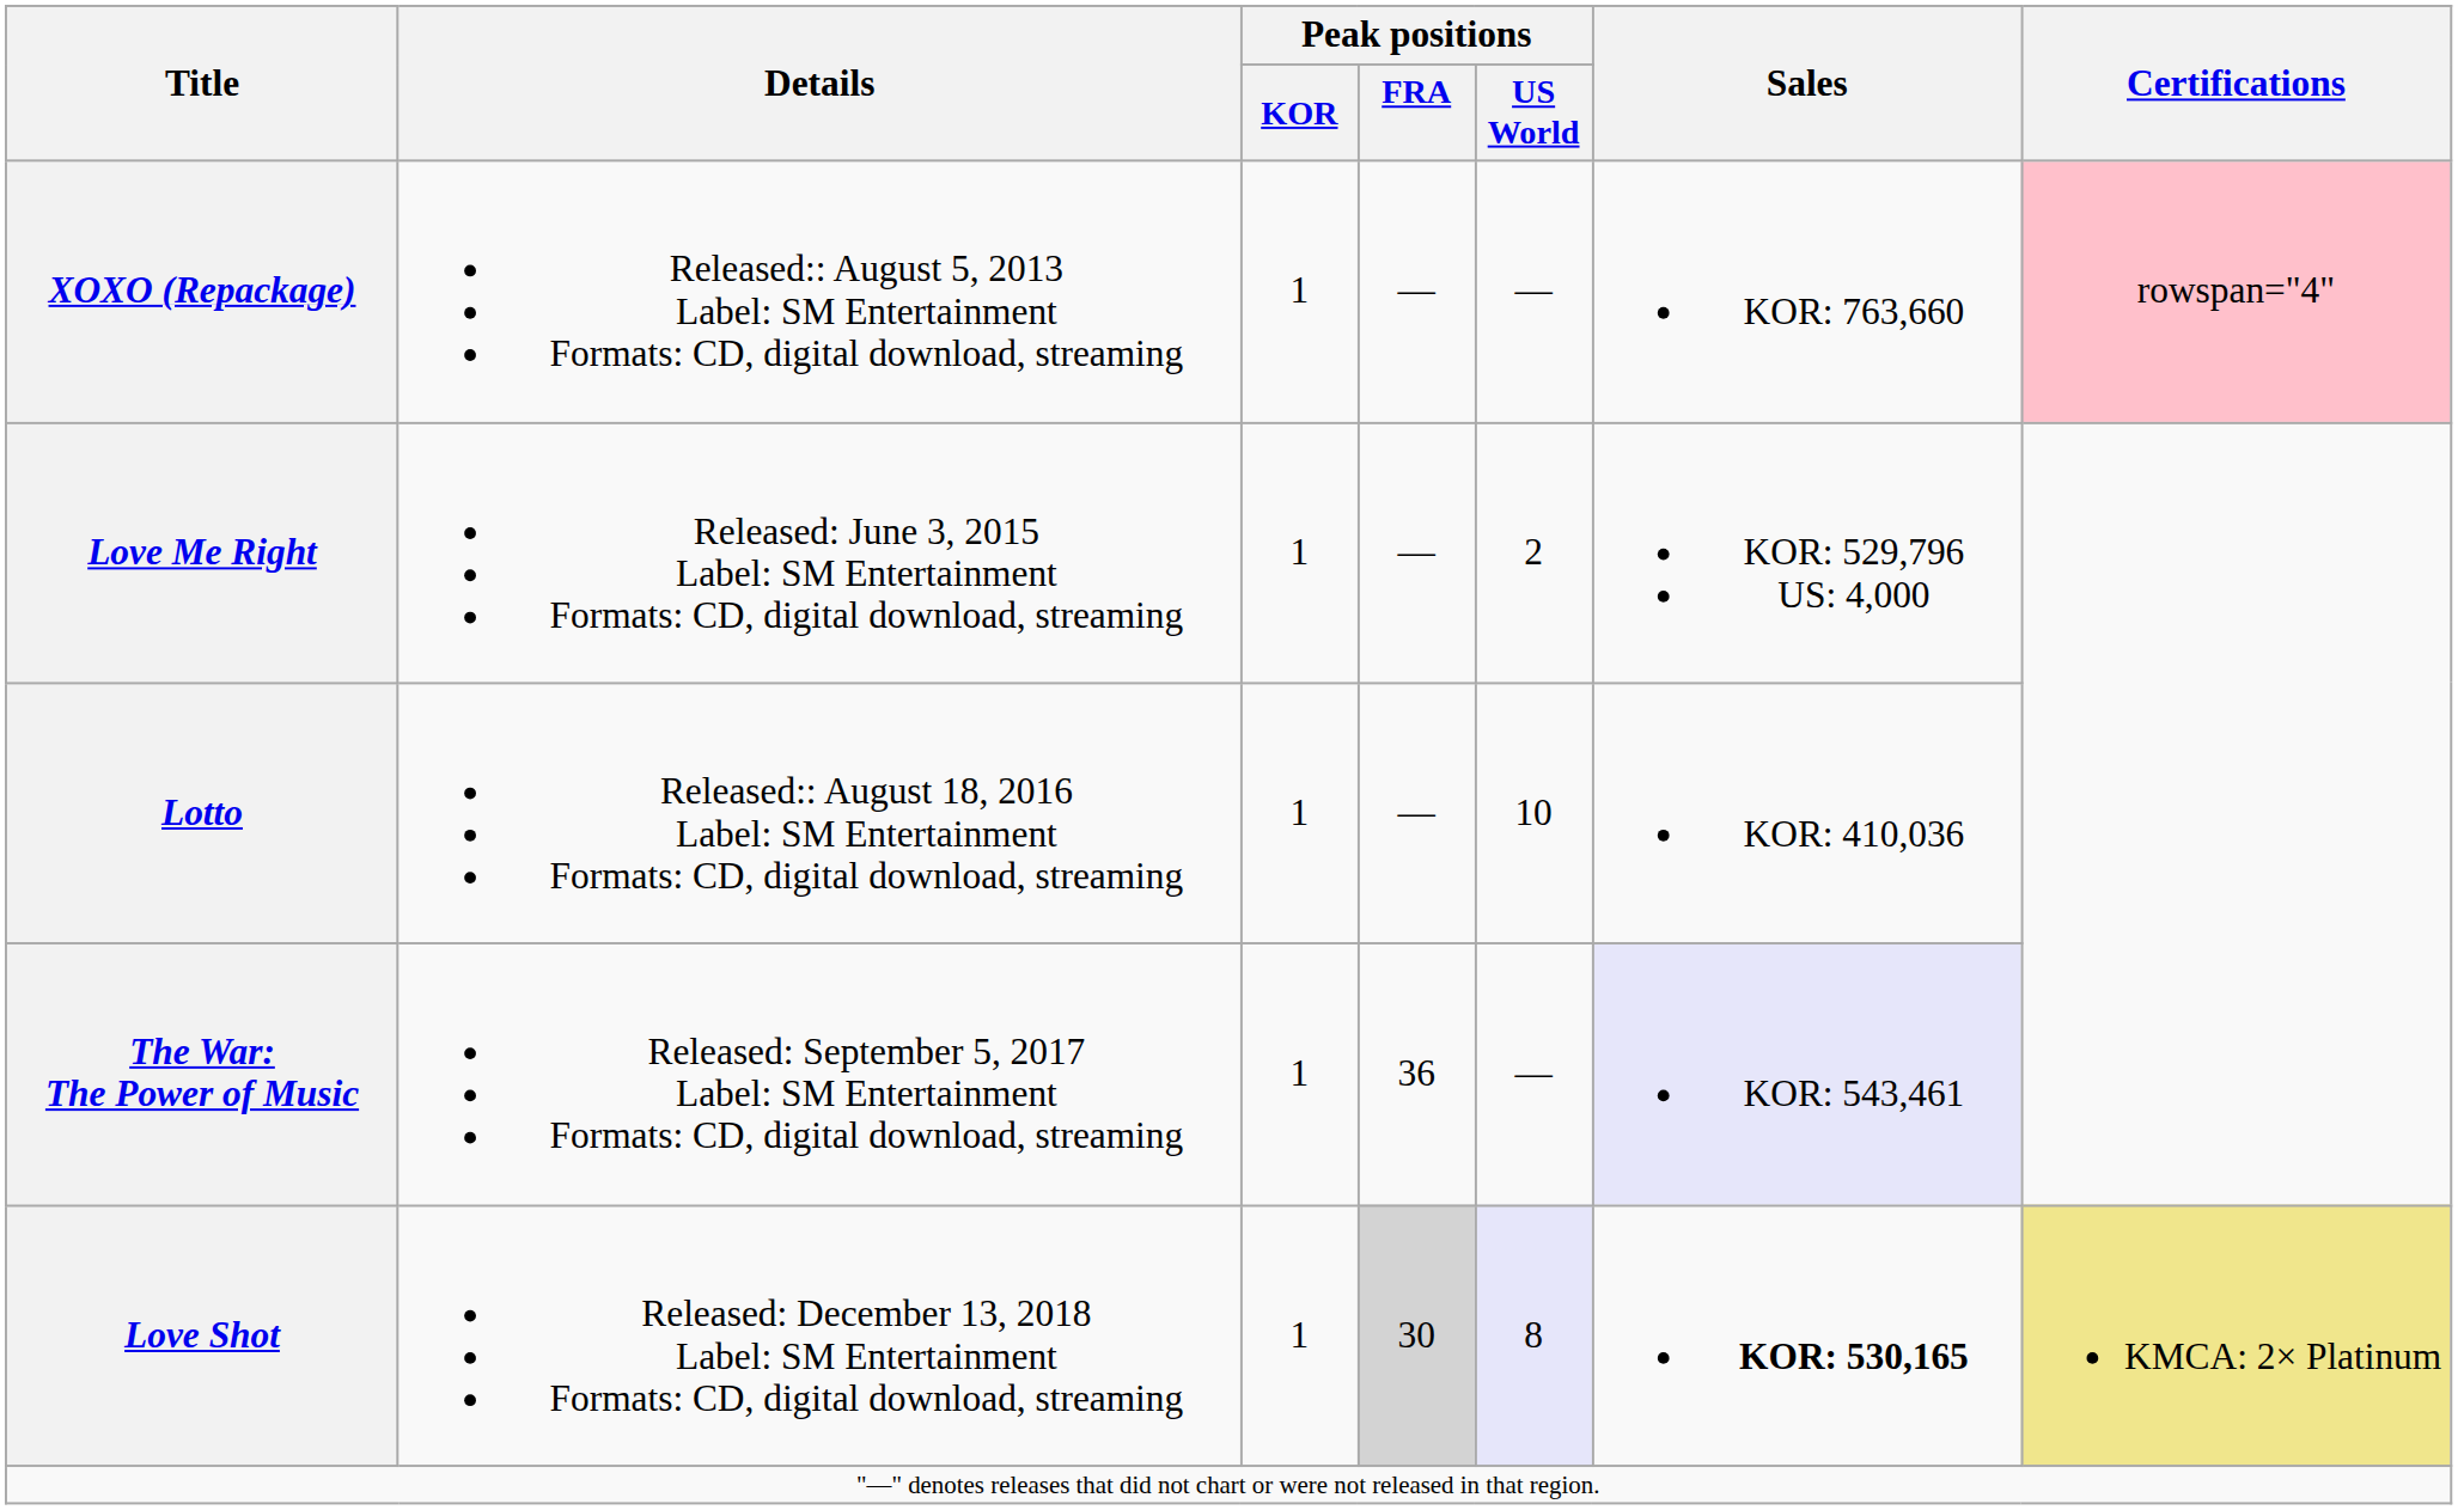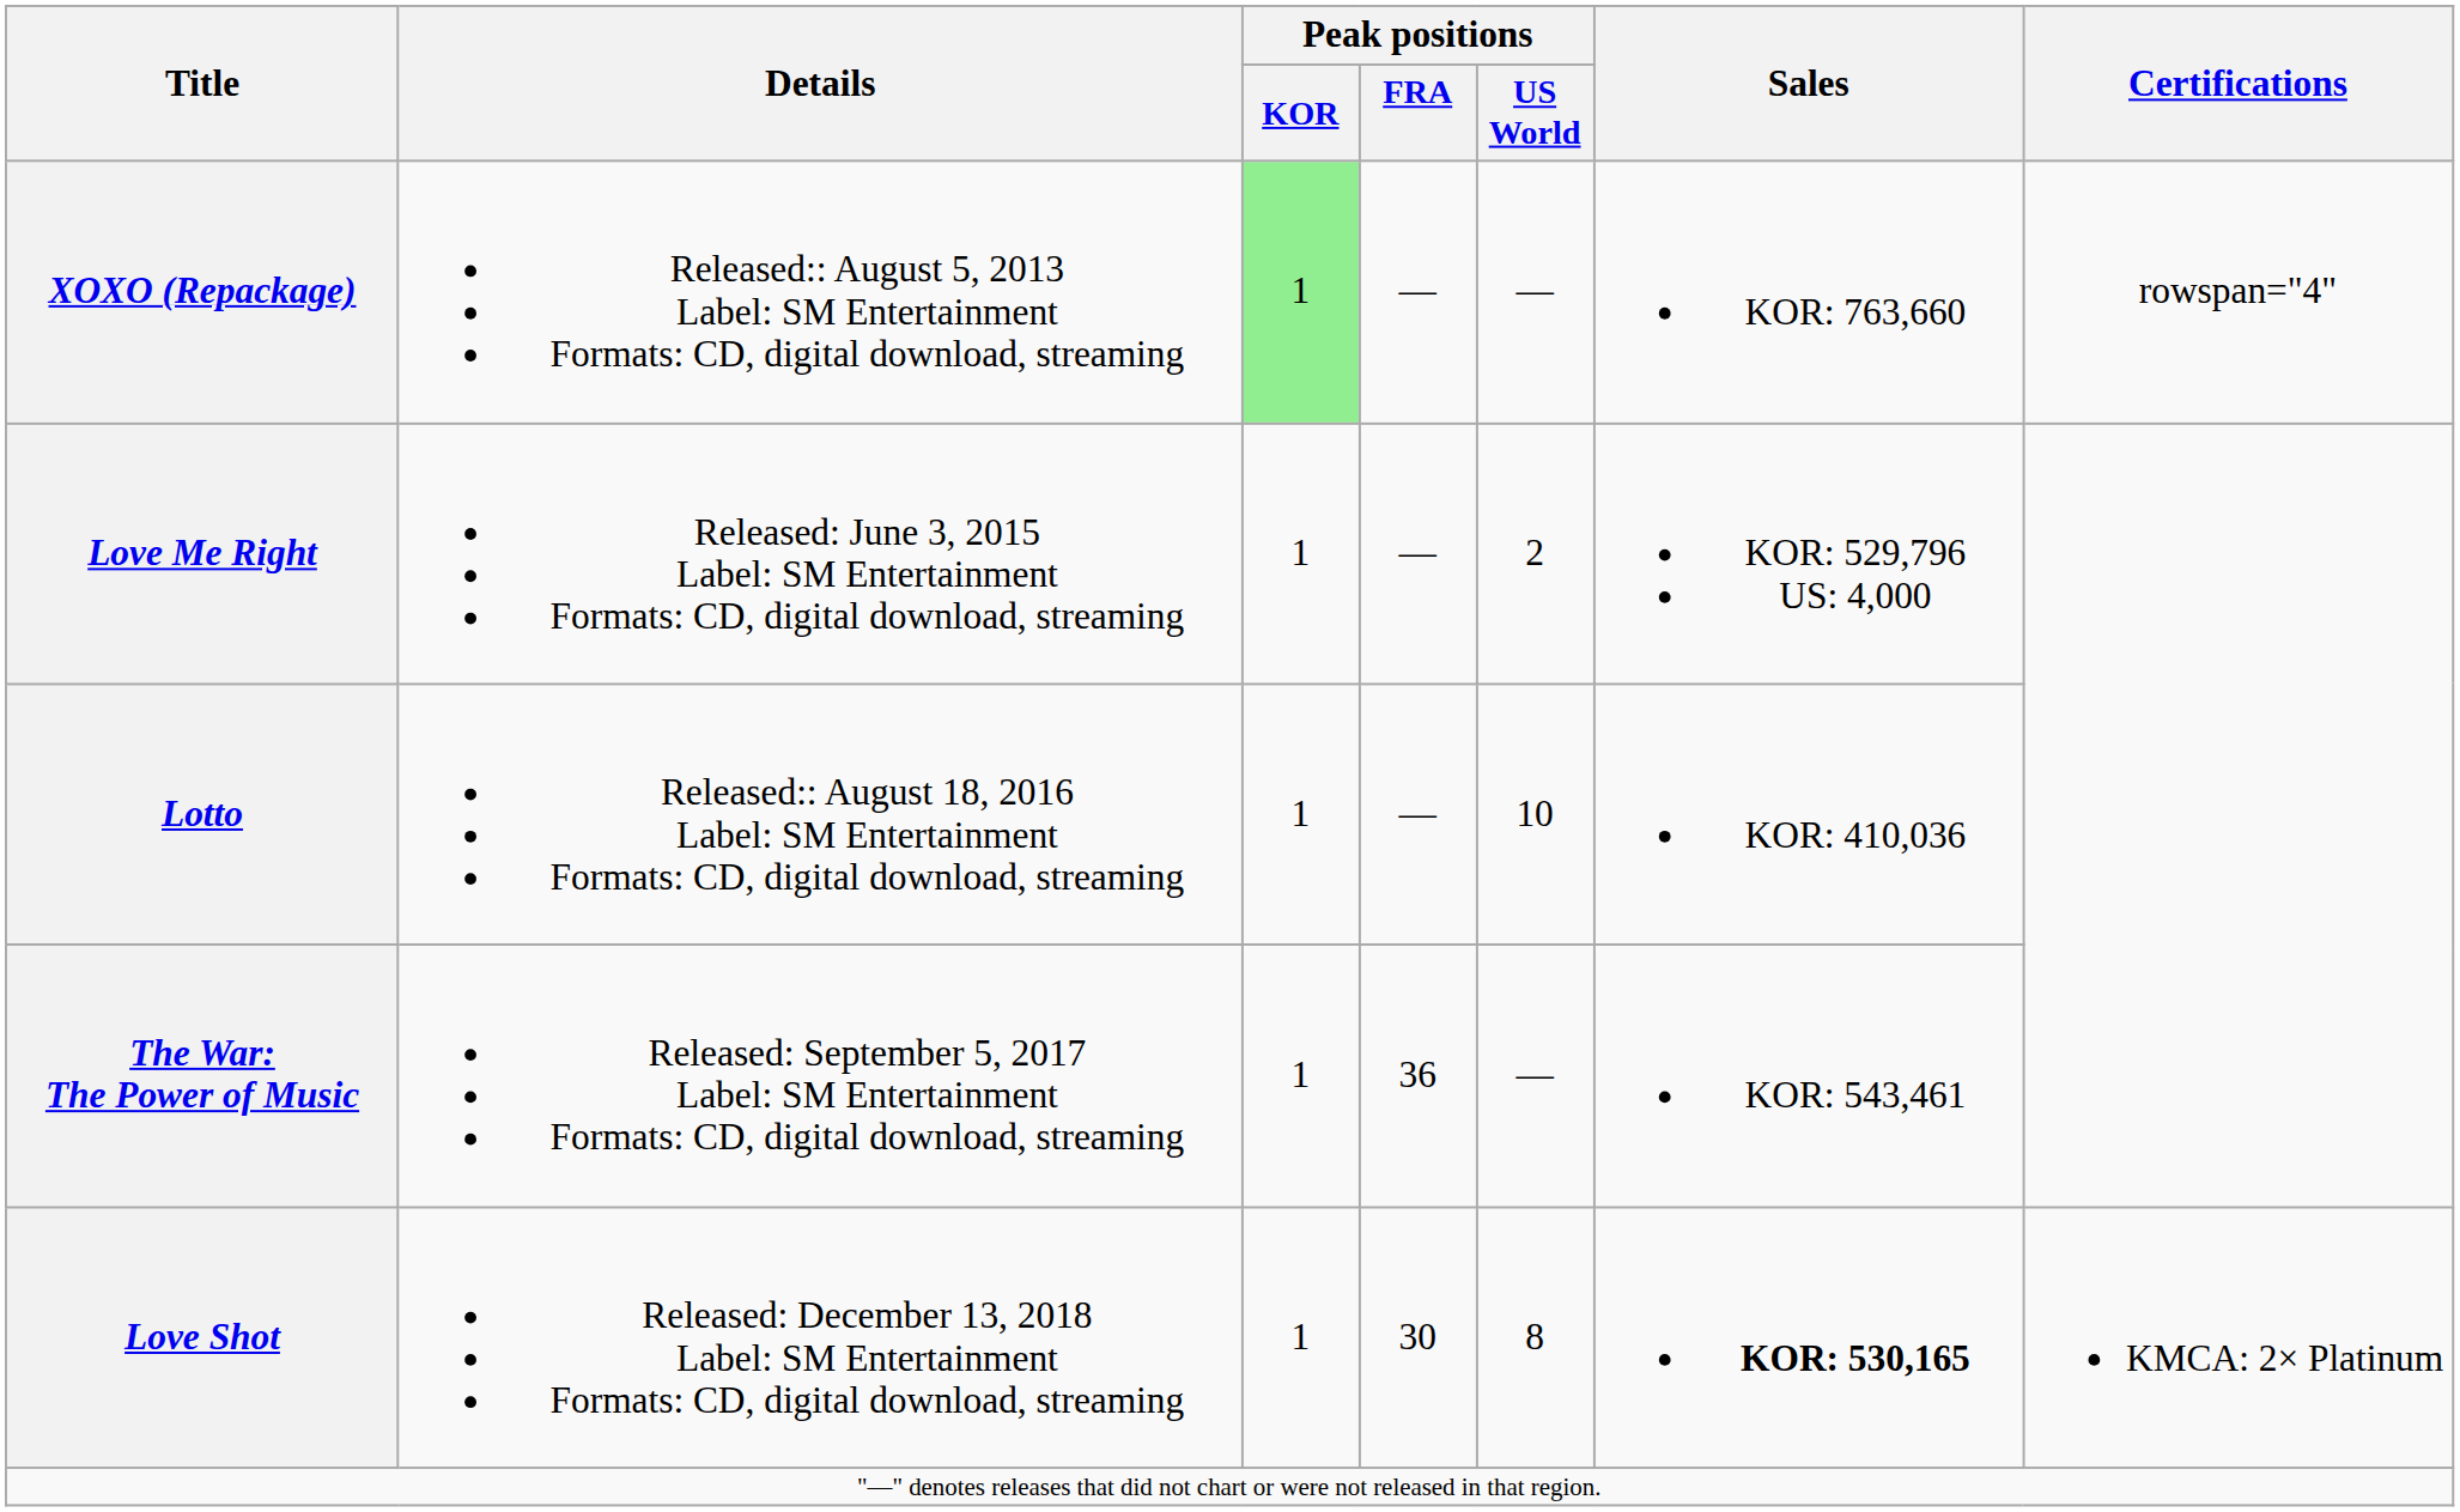 <table class="wikitable plainrowheaders" style="text-align:center;">
 <tr>
 <th scope="col" rowspan="2" style="width:10em;">Title</th>
 <th scope="col" rowspan="2" style="width:22em;">Details</th>
 <th scope="col" colspan="3">Peak positions</th>
 <th scope="col" rowspan="2" style="width:11em;">Sales</th>
 <th scope="col" rowspan="2"><a href='#'>Certifications</a><br></th>
 </tr>
 <tr>
 <th scope="col" style="width:3em;font-size:90%;"><a href='#'>KOR</a><br></th>
 <th scope="col" style="width:3em;font-size:90%;"><a href='#'>FRA<br></a><br></th>
 <th scope="col" style="width:3em;font-size:90%;"><a href='#'>US<br>World</a><br></th>
 </tr>
 <tr>
 <th scope="row"><em><a href='#'>XOXO (Repackage)</a></em></th>
 <td><br><ul><li>Released:: August 5, 2013</li><li>Label: SM Entertainment</li><li>Formats: CD, digital download, streaming</li></ul></td>
-<td>1</td>
+<td style="background: lightgreen;">1</td>
 <td>—</td>
 <td>—</td>
 <td><br><ul><li>KOR: 763,660</li></ul></td>
-<td style="background: pink;">rowspan="4" </td>
+<td>rowspan="4" </td>
 </tr>
 <tr>
 <th scope="row"><em><a href='#'>Love Me Right</a></em></th>
 <td><br><ul><li>Released: June 3, 2015</li><li>Label: SM Entertainment</li><li>Formats: CD, digital download, streaming</li></ul></td>
 <td>1</td>
 <td>—</td>
 <td>2</td>
 <td><br><ul><li>KOR: 529,796</li><li>US: 4,000</li></ul></td>
 </tr>
 <tr>
 <th scope="row"><em><a href='#'>Lotto</a></em></th>
 <td><br><ul><li>Released:: August 18, 2016</li><li>Label: SM Entertainment</li><li>Formats: CD, digital download, streaming</li></ul></td>
 <td>1</td>
 <td>—</td>
 <td>10</td>
 <td><br><ul><li>KOR: 410,036</li></ul></td>
 </tr>
 <tr>
 <th scope="row"><em><a href='#'>The War:<br>The Power of Music</a></em></th>
 <td><br><ul><li>Released: September 5, 2017</li><li>Label: SM Entertainment</li><li>Formats: CD, digital download, streaming</li></ul></td>
 <td>1</td>
 <td>36</td>
 <td>—</td>
-<td style="background: lavender;"><br><ul><li>KOR: 543,461</li></ul></td>
+<td><br><ul><li>KOR: 543,461</li></ul></td>
 </tr>
 <tr>
 <th scope="row"><em><a href='#'>Love Shot</a></em></th>
 <td><br><ul><li>Released: December 13, 2018</li><li>Label: SM Entertainment</li><li>Formats: CD, digital download, streaming</li></ul></td>
 <td>1</td>
-<td style="background: lightgrey;">30</td>
-<td style="background: lavender;">8</td>
+<td>30</td>
+<td>8</td>
 <td><strong><br><ul><li>KOR: 530,165</li></ul></strong></td>
-<td style="background: khaki;"><br><ul><li>KMCA: 2× Platinum</li></ul></td>
+<td><br><ul><li>KMCA: 2× Platinum</li></ul></td>
 </tr>
 <tr>
 <td colspan="14" style="text-align:center; font-size:8pt;">"—" denotes releases that did not chart or were not released in that region.</td>
 </tr>
 </table>
